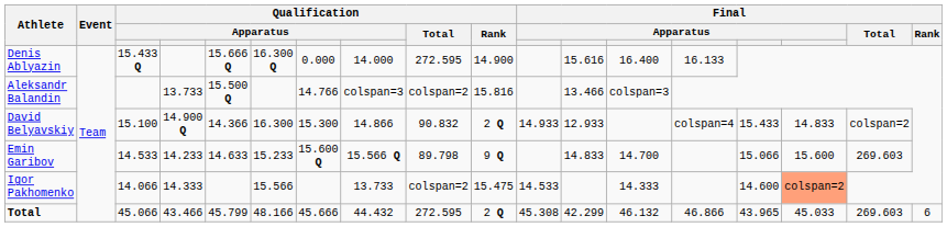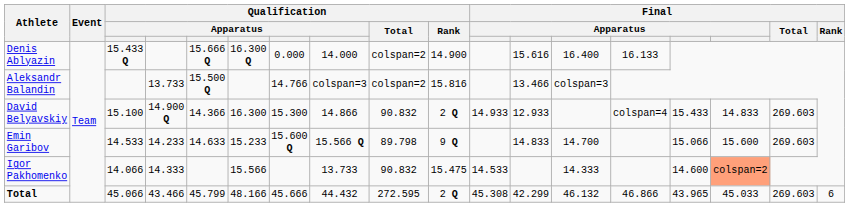 <table class="wikitable" style="font-size:90%">
 <tr>
 <th rowspan=3>Athlete</th>
 <th rowspan=3>Event</th>
 <th colspan =8>Qualification</th>
 <th colspan =8>Final</th>
 </tr>
 <tr style="font-size:95%">
 <th colspan=6>Apparatus</th>
 <th rowspan=2>Total</th>
 <th rowspan=2>Rank</th>
 <th colspan=6>Apparatus</th>
 <th rowspan=2>Total</th>
 <th rowspan=2>Rank</th>
 </tr>
 <tr style="font-size:95%">
 <th></th>
 <th></th>
 <th></th>
 <th></th>
 <th></th>
 <th></th>
 <th></th>
 <th></th>
 <th></th>
 <th></th>
 <th></th>
 <th></th>
 </tr>
 <tr align=center>
 <td align=left><a href='#'>Denis Ablyazin</a></td>
 <td align=left rowspan=6><a href='#'>Team</a></td>
 <td>15.433 <strong>Q</strong></td>
 <td></td>
 <td>15.666 <strong>Q</strong></td>
 <td>16.300 <strong>Q</strong></td>
 <td>0.000</td>
 <td>14.000</td>
-<td>272.595</td>
+<td>colspan=2 </td>
 <td>14.900</td>
 <td></td>
 <td>15.616</td>
 <td>16.400</td>
 <td>16.133</td>
 </tr>
 <tr align=center>
 <td align=left><a href='#'>Aleksandr Balandin</a></td>
 <td></td>
 <td>13.733</td>
 <td>15.500 <strong>Q</strong></td>
 <td></td>
 <td>14.766</td>
 <td>colspan=3 </td>
 <td>colspan=2 </td>
 <td>15.816</td>
 <td></td>
 <td>13.466</td>
 <td>colspan=3 </td>
 </tr>
 <tr align=center>
 <td align=left><a href='#'>David Belyavskiy</a></td>
 <td>15.100</td>
 <td>14.900 <strong>Q</strong></td>
 <td>14.366</td>
 <td>16.300</td>
 <td>15.300</td>
 <td>14.866</td>
 <td>90.832</td>
 <td>2 <strong>Q</strong></td>
 <td>14.933</td>
 <td>12.933</td>
 <td></td>
 <td>colspan=4 </td>
 <td>15.433</td>
 <td>14.833</td>
-<td>colspan=2 </td>
+<td>269.603</td>
 </tr>
 <tr align=center>
 <td align=left><a href='#'>Emin Garibov</a></td>
 <td>14.533</td>
 <td>14.233</td>
 <td>14.633</td>
 <td>15.233</td>
 <td>15.600 <strong>Q</strong></td>
 <td>15.566 <strong>Q</strong></td>
 <td>89.798</td>
 <td>9 <strong>Q</strong></td>
 <td></td>
 <td>14.833</td>
 <td>14.700</td>
 <td></td>
 <td>15.066</td>
 <td>15.600</td>
 <td>269.603</td>
 </tr>
 <tr align=center>
 <td align=left><a href='#'>Igor Pakhomenko</a></td>
 <td>14.066</td>
 <td>14.333</td>
 <td></td>
 <td>15.566</td>
 <td></td>
 <td>13.733</td>
-<td>colspan=2 </td>
+<td>90.832</td>
 <td>15.475</td>
 <td>14.533</td>
 <td></td>
 <td>14.333</td>
 <td></td>
 <td>14.600</td>
 <td style="background: lightsalmon;">colspan=2 </td>
 </tr>
 <tr align=center>
 <td align=left><strong>Total</strong></td>
 <td>45.066</td>
 <td>43.466</td>
 <td>45.799</td>
 <td>48.166</td>
 <td>45.666</td>
 <td>44.432</td>
 <td>272.595</td>
 <td>2 <strong>Q</strong></td>
 <td>45.308</td>
 <td>42.299</td>
 <td>46.132</td>
 <td>46.866</td>
 <td>43.965</td>
 <td>45.033</td>
 <td>269.603</td>
 <td>6</td>
 </tr>
 </table>
